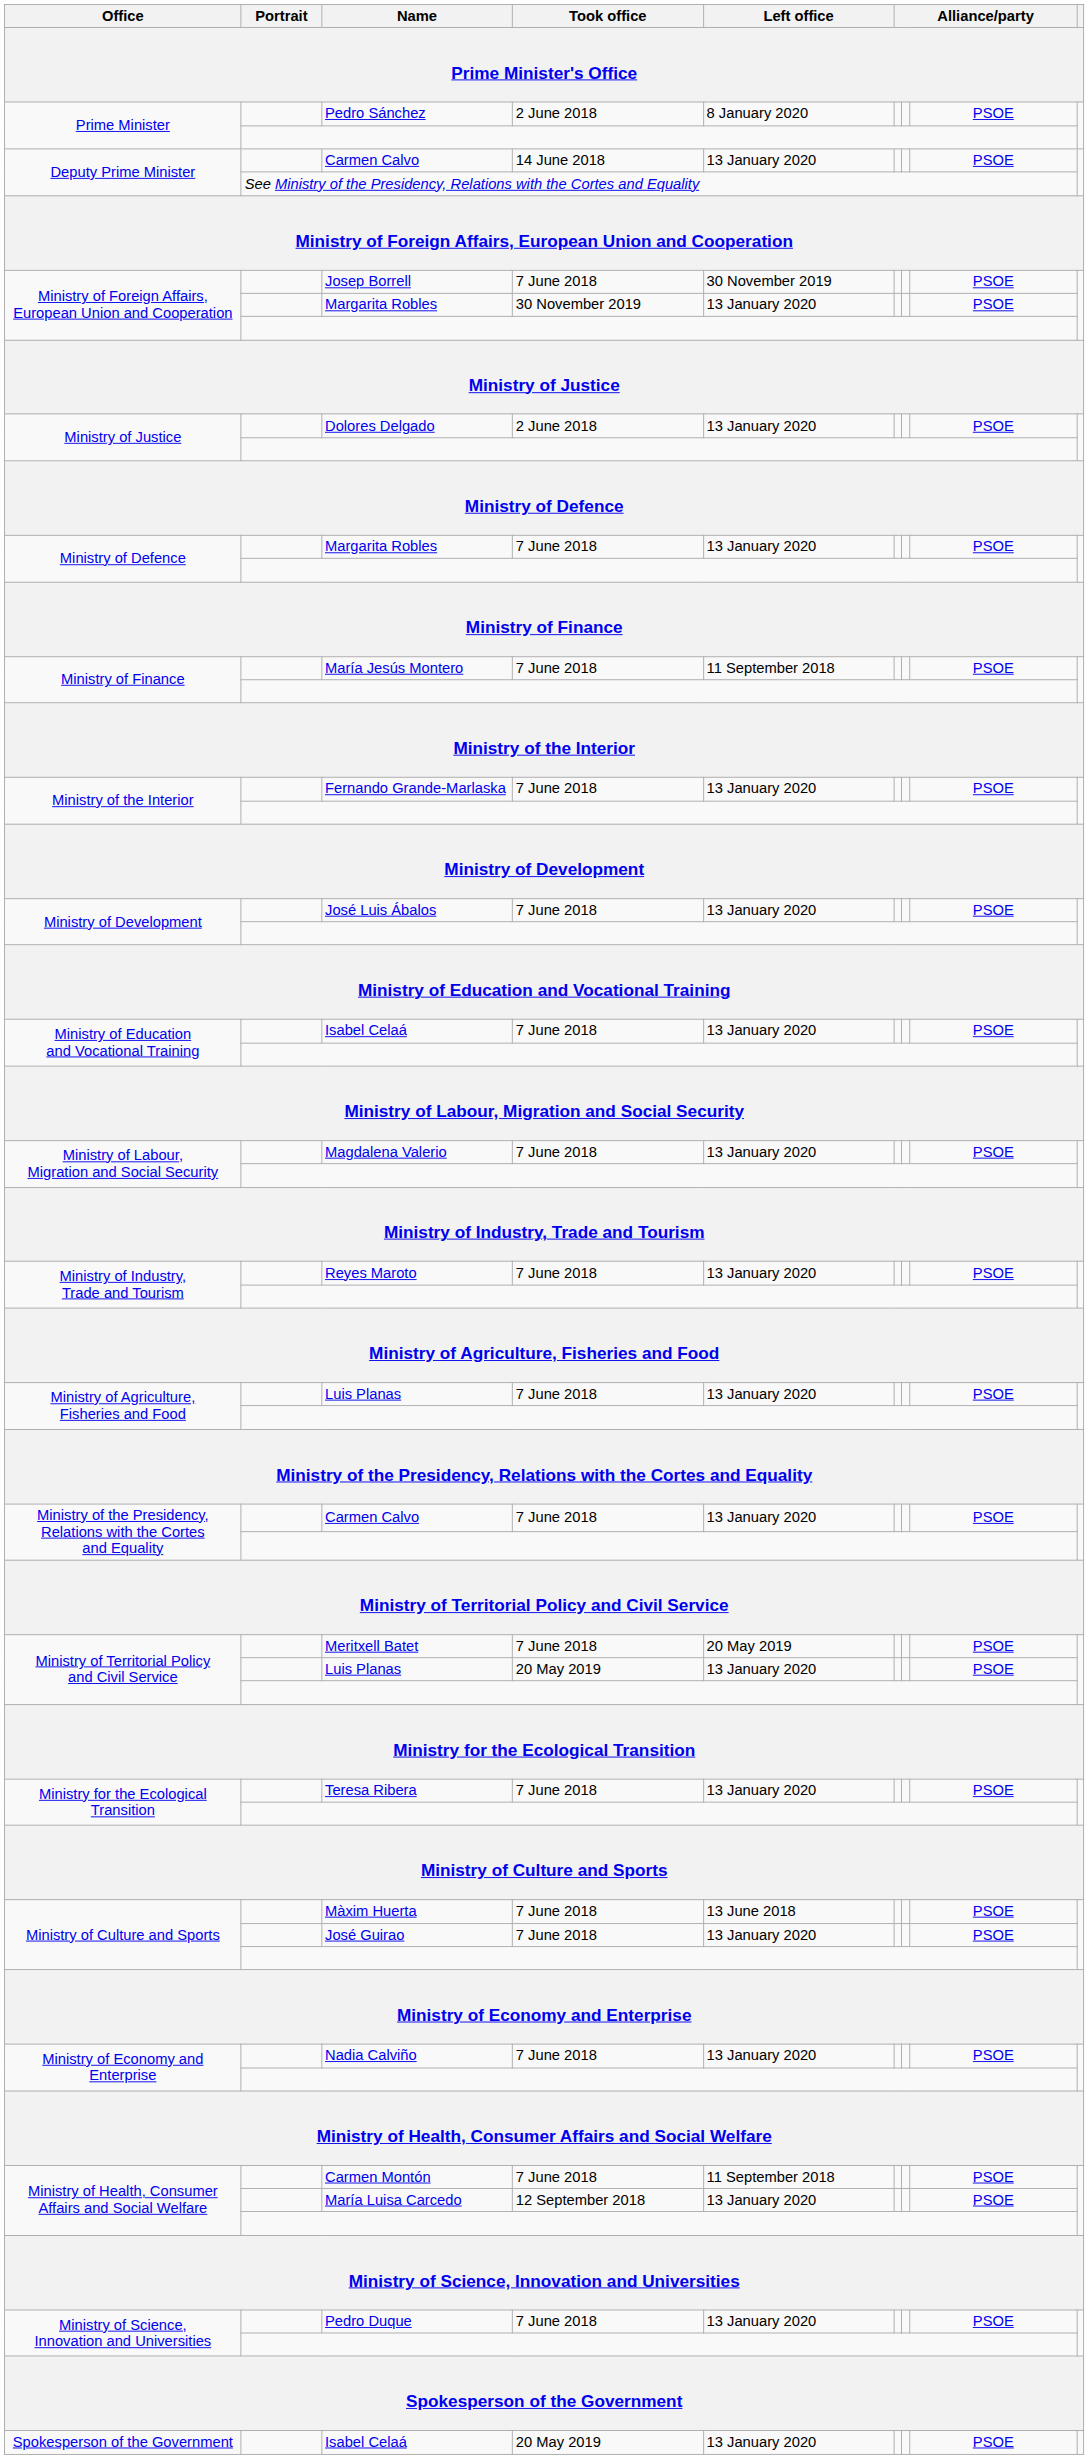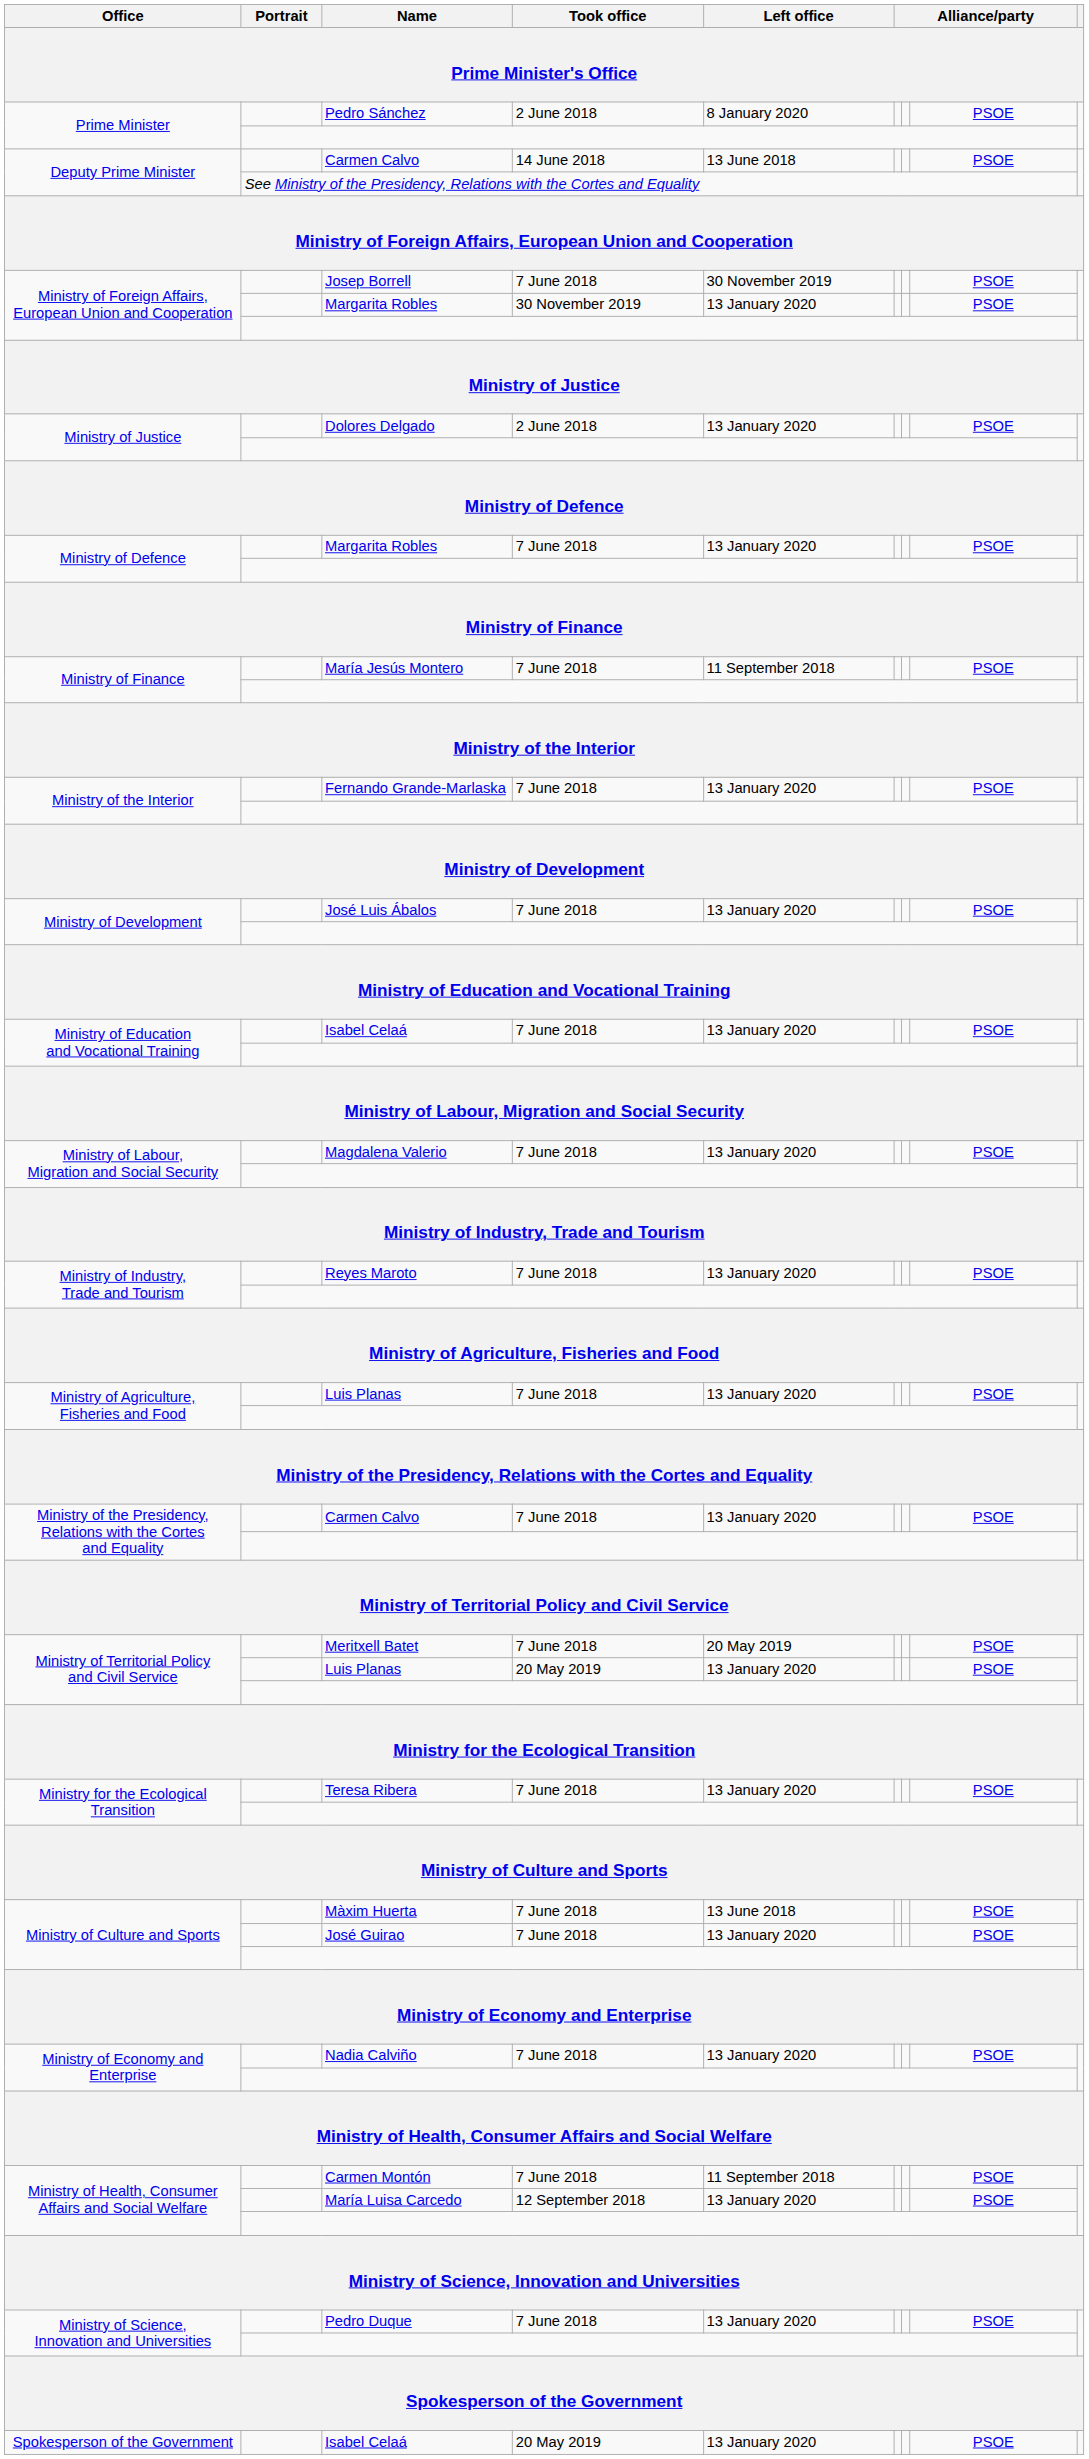 <table class="wikitable" style="line-height:18px;">
 <tr>
 <th scope="col">Office<br></th>
 <th scope="col">Portrait</th>
 <th scope="col">Name</th>
 <th scope="col">Took office</th>
 <th scope="col">Left office</th>
 <th colspan="3" scope="col">Alliance/party</th>
 <th></th>
 </tr>
 <tr>
 <th colspan="9"><br><h3><a href='#'>Prime Minister's Office</a></h3></th>
 </tr>
 <tr>
 <td align="center" rowspan="2" width="250"><a href='#'>Prime Minister</a><br></td>
 <td width="80"></td>
 <td width="200"><a href='#'>Pedro Sánchez</a></td>
 <td width="200">2 June 2018</td>
 <td width="200">8 January 2020</td>
 <td width="1" style="background-color:"></td>
 <td width="1" style="background-color:"></td>
 <td width="175" align="center"><a href='#'>PSOE</a></td>
 <td align="center" rowspan="2"></td>
 </tr>
 <tr>
 <td colspan="7"><br></td>
 </tr>
 <tr>
 <td align="center" rowspan="2"><a href='#'>Deputy Prime Minister</a><br></td>
 <td></td>
 <td><a href='#'>Carmen Calvo</a></td>
 <td>14 June 2018</td>
-<td>13 January 2020</td>
+<td>13 June 2018<br></td>
 <td style="background-color:"></td>
 <td style="background-color:"></td>
 <td align="center"><a href='#'>PSOE</a></td>
 <td align="center" rowspan="2"></td>
 </tr>
 <tr>
 <td colspan="7"><em>See <a href='#'>Ministry of the Presidency, Relations with the Cortes and Equality</a></em></td>
 </tr>
 <tr>
 <th colspan="9"><br><h3><a href='#'>Ministry of Foreign Affairs, European Union and Cooperation</a></h3></th>
 </tr>
 <tr>
 <td align="center" rowspan="3"><a href='#'>Ministry of Foreign Affairs,<br>European Union and Cooperation</a><br></td>
 <td></td>
 <td><a href='#'>Josep Borrell</a></td>
 <td>7 June 2018</td>
 <td>30 November 2019<br></td>
 <td style="background-color:"></td>
 <td style="background-color:"></td>
 <td align="center"><a href='#'>PSOE</a></td>
 <td align="center" rowspan="3"><br><br></td>
 </tr>
 <tr>
 <td></td>
 <td><a href='#'>Margarita Robles</a><br></td>
 <td>30 November 2019</td>
 <td>13 January 2020</td>
 <td style="background-color:"></td>
 <td style="background-color:"></td>
 <td align="center"><a href='#'>PSOE</a><br></td>
 </tr>
 <tr>
 <td colspan="7"><br></td>
 </tr>
 <tr>
 <th colspan="9"><br><h3><a href='#'>Ministry of Justice</a></h3></th>
 </tr>
 <tr>
 <td align="center" rowspan="2"><a href='#'>Ministry of Justice</a><br></td>
 <td></td>
 <td><a href='#'>Dolores Delgado</a></td>
 <td width="200">2 June 2018</td>
 <td>13 January 2020</td>
 <td style="background-color:"></td>
 <td style="background-color:"></td>
 <td align="center"><a href='#'>PSOE</a><br></td>
 <td align="center" rowspan="2"><br><br></td>
 </tr>
 <tr>
 <td colspan="7"><br></td>
 </tr>
 <tr>
 <th colspan="9"><br><h3><a href='#'>Ministry of Defence</a></h3></th>
 </tr>
 <tr>
 <td align="center" rowspan="2"><a href='#'>Ministry of Defence</a><br></td>
 <td></td>
 <td><a href='#'>Margarita Robles</a></td>
 <td>7 June 2018</td>
 <td>13 January 2020</td>
 <td style="background-color:"></td>
 <td style="background-color:"></td>
 <td align="center"><a href='#'>PSOE</a><br></td>
 <td align="center" rowspan="2"><br><br></td>
 </tr>
 <tr>
 <td colspan="7"><br></td>
 </tr>
 <tr>
 <th colspan="9"><br><h3><a href='#'>Ministry of Finance</a></h3></th>
 </tr>
 <tr>
 <td align="center" rowspan="2"><a href='#'>Ministry of Finance</a><br></td>
 <td></td>
 <td><a href='#'>María Jesús Montero</a></td>
 <td>7 June 2018</td>
 <td>11 September 2018<br></td>
 <td style="background-color:"></td>
 <td style="background-color:"></td>
 <td align="center"><a href='#'>PSOE</a></td>
 <td align="center" rowspan="2"><br><br></td>
 </tr>
 <tr>
 <td colspan="7"><br></td>
 </tr>
 <tr>
 <th colspan="9"><br><h3><a href='#'>Ministry of the Interior</a></h3></th>
 </tr>
 <tr>
 <td align="center" rowspan="2"><a href='#'>Ministry of the Interior</a><br></td>
 <td></td>
 <td><a href='#'>Fernando Grande-Marlaska</a></td>
 <td>7 June 2018</td>
 <td>13 January 2020</td>
 <td style="background-color:"></td>
 <td style="background-color:"></td>
 <td align="center"><a href='#'>PSOE</a><br></td>
 <td align="center" rowspan="2"><br></td>
 </tr>
 <tr>
 <td colspan="7"><br></td>
 </tr>
 <tr>
 <th colspan="9"><br><h3><a href='#'>Ministry of Development</a></h3></th>
 </tr>
 <tr>
 <td align="center" rowspan="2"><a href='#'>Ministry of Development</a><br></td>
 <td></td>
 <td><a href='#'>José Luis Ábalos</a></td>
 <td>7 June 2018</td>
 <td>13 January 2020</td>
 <td style="background-color:"></td>
 <td style="background-color:"></td>
 <td align="center"><a href='#'>PSOE</a></td>
 <td align="center" rowspan="2"><br></td>
 </tr>
 <tr>
 <td colspan="7"><br></td>
 </tr>
 <tr>
 <th colspan="9"><br><h3><a href='#'>Ministry of Education and Vocational Training</a></h3></th>
 </tr>
 <tr>
 <td align="center" rowspan="2"><a href='#'>Ministry of Education<br>and Vocational Training</a><br></td>
 <td></td>
 <td><a href='#'>Isabel Celaá</a></td>
 <td>7 June 2018</td>
 <td>13 January 2020</td>
 <td style="background-color:"></td>
 <td style="background-color:"></td>
 <td align="center"><a href='#'>PSOE</a></td>
 <td align="center" rowspan="2"><br><br></td>
 </tr>
 <tr>
 <td colspan="7"><br></td>
 </tr>
 <tr>
 <th colspan="9"><br><h3><a href='#'>Ministry of Labour, Migration and Social Security</a></h3></th>
 </tr>
 <tr>
 <td align="center" rowspan="2"><a href='#'>Ministry of Labour,<br>Migration and Social Security</a><br></td>
 <td></td>
 <td><a href='#'>Magdalena Valerio</a></td>
 <td>7 June 2018</td>
 <td>13 January 2020</td>
 <td style="background-color:"></td>
 <td style="background-color:"></td>
 <td align="center"><a href='#'>PSOE</a></td>
 <td align="center" rowspan="2"><br><br></td>
 </tr>
 <tr>
 <td colspan="7"><br></td>
 </tr>
 <tr>
 <th colspan="9"><br><h3><a href='#'>Ministry of Industry, Trade and Tourism</a></h3></th>
 </tr>
 <tr>
 <td align="center" rowspan="2"><a href='#'>Ministry of Industry,<br>Trade and Tourism</a><br></td>
 <td></td>
 <td><a href='#'>Reyes Maroto</a></td>
 <td>7 June 2018</td>
 <td>13 January 2020</td>
 <td style="background-color:"></td>
 <td style="background-color:"></td>
 <td align="center"><a href='#'>PSOE</a></td>
 <td align="center" rowspan="2"><br><br></td>
 </tr>
 <tr>
 <td colspan="7"><br></td>
 </tr>
 <tr>
 <th colspan="9"><br><h3><a href='#'>Ministry of Agriculture, Fisheries and Food</a></h3></th>
 </tr>
 <tr>
 <td align="center" rowspan="2"><a href='#'>Ministry of Agriculture,<br>Fisheries and Food</a><br></td>
 <td></td>
 <td><a href='#'>Luis Planas</a></td>
 <td>7 June 2018</td>
 <td>13 January 2020</td>
 <td style="background-color:"></td>
 <td style="background-color:"></td>
 <td align="center"><a href='#'>PSOE</a></td>
 <td align="center" rowspan="2"><br><br></td>
 </tr>
 <tr>
 <td colspan="7"><br></td>
 </tr>
 <tr>
 <th colspan="9"><br><h3><a href='#'>Ministry of the Presidency, Relations with the Cortes and Equality</a></h3></th>
 </tr>
 <tr>
 <td align="center" rowspan="2"><a href='#'>Ministry of the Presidency,<br>Relations with the Cortes<br>and Equality</a><br></td>
 <td></td>
 <td><a href='#'>Carmen Calvo</a></td>
 <td>7 June 2018</td>
 <td>13 January 2020</td>
 <td style="background-color:"></td>
 <td style="background-color:"></td>
 <td align="center"><a href='#'>PSOE</a></td>
 <td align="center" rowspan="2"><br><br><br></td>
 </tr>
 <tr>
 <td colspan="7"><br></td>
 </tr>
 <tr>
 <th colspan="9"><br><h3><a href='#'>Ministry of Territorial Policy and Civil Service</a></h3></th>
 </tr>
 <tr>
 <td align="center" rowspan="3"><a href='#'>Ministry of Territorial Policy<br>and Civil Service</a><br></td>
 <td></td>
 <td><a href='#'>Meritxell Batet</a></td>
 <td>7 June 2018</td>
 <td>20 May 2019<br></td>
 <td style="background-color:"></td>
 <td style="background-color:"></td>
 <td align="center"><a href='#'>PSOE</a><br></td>
 <td align="center" rowspan="3"><br><br></td>
 </tr>
 <tr>
 <td></td>
 <td><a href='#'>Luis Planas</a><br></td>
 <td>20 May 2019</td>
 <td>13 January 2020</td>
 <td style="background-color:"></td>
 <td style="background-color:"></td>
 <td align="center"><a href='#'>PSOE</a></td>
 </tr>
 <tr>
 <td colspan="7"><br></td>
 </tr>
 <tr>
 <th colspan="9"><br><h3><a href='#'>Ministry for the Ecological Transition</a></h3></th>
 </tr>
 <tr>
 <td align="center" rowspan="2"><a href='#'>Ministry for the Ecological<br>Transition</a><br></td>
 <td></td>
 <td><a href='#'>Teresa Ribera</a></td>
 <td>7 June 2018</td>
 <td>13 January 2020</td>
 <td style="background-color:"></td>
 <td style="background-color:"></td>
 <td align="center"><a href='#'>PSOE</a></td>
 <td align="center" rowspan="2"><br><br></td>
 </tr>
 <tr>
 <td colspan="7"><br></td>
 </tr>
 <tr>
 <th colspan="9"><br><h3><a href='#'>Ministry of Culture and Sports</a></h3></th>
 </tr>
 <tr>
 <td align="center" rowspan="3"><a href='#'>Ministry of Culture and Sports</a><br></td>
 <td></td>
 <td><a href='#'>Màxim Huerta</a></td>
 <td>7 June 2018</td>
 <td>13 June 2018<br></td>
 <td style="background-color:"></td>
 <td style="background-color:"></td>
 <td align="center"><a href='#'>PSOE</a><br></td>
 <td align="center" rowspan="3"><br><br><br></td>
 </tr>
 <tr>
 <td></td>
 <td><a href='#'>José Guirao</a></td>
 <td>7 June 2018</td>
 <td>13 January 2020</td>
 <td style="background-color:"></td>
 <td style="background-color:"></td>
 <td align="center"><a href='#'>PSOE</a><br></td>
 </tr>
 <tr>
 <td colspan="7"><br></td>
 </tr>
 <tr>
 <th colspan="9"><br><h3><a href='#'>Ministry of Economy and Enterprise</a></h3></th>
 </tr>
 <tr>
 <td align="center" rowspan="2"><a href='#'>Ministry of Economy and Enterprise</a><br></td>
 <td></td>
 <td><a href='#'>Nadia Calviño</a></td>
 <td>7 June 2018</td>
 <td>13 January 2020</td>
 <td style="background-color:"></td>
 <td style="background-color:"></td>
 <td align="center"><a href='#'>PSOE</a><br></td>
 <td align="center" rowspan="2"><br><br></td>
 </tr>
 <tr>
 <td colspan="7"><br></td>
 </tr>
 <tr>
 <th colspan="9"><br><h3><a href='#'>Ministry of Health, Consumer Affairs and Social Welfare</a></h3></th>
 </tr>
 <tr>
 <td align="center" rowspan="3"><a href='#'>Ministry of Health, Consumer<br>Affairs and Social Welfare</a><br></td>
 <td></td>
 <td><a href='#'>Carmen Montón</a></td>
 <td>7 June 2018</td>
 <td>11 September 2018<br></td>
 <td style="background-color:"></td>
 <td style="background-color:"></td>
 <td align="center"><a href='#'>PSOE</a></td>
 <td align="center" rowspan="3"><br><br></td>
 </tr>
 <tr>
 <td></td>
 <td><a href='#'>María Luisa Carcedo</a></td>
 <td>12 September 2018</td>
 <td>13 January 2020</td>
 <td style="background-color:"></td>
 <td style="background-color:"></td>
 <td align="center"><a href='#'>PSOE</a></td>
 </tr>
 <tr>
 <td colspan="7"><br></td>
 </tr>
 <tr>
 <th colspan="9"><br><h3><a href='#'>Ministry of Science, Innovation and Universities</a></h3></th>
 </tr>
 <tr>
 <td align="center" rowspan="2"><a href='#'>Ministry of Science,<br>Innovation and Universities</a><br></td>
 <td></td>
 <td><a href='#'>Pedro Duque</a></td>
 <td>7 June 2018</td>
 <td>13 January 2020</td>
 <td style="background-color:"></td>
 <td style="background-color:"></td>
 <td align="center"><a href='#'>PSOE</a><br></td>
 <td align="center" rowspan="2"><br><br></td>
 </tr>
 <tr>
 <td colspan="7"><br></td>
 </tr>
 <tr>
 <th colspan="9"><br><h3><a href='#'>Spokesperson of the Government</a></h3></th>
 </tr>
 <tr>
 <td align="center"><a href='#'>Spokesperson of the Government</a><br></td>
 <td></td>
 <td><a href='#'>Isabel Celaá</a></td>
 <td>20 May 2019</td>
 <td>13 January 2020</td>
 <td style="background-color:"></td>
 <td style="background-color:"></td>
 <td align="center"><a href='#'>PSOE</a></td>
 <td align="center"></td>
 </tr>
 </table>
